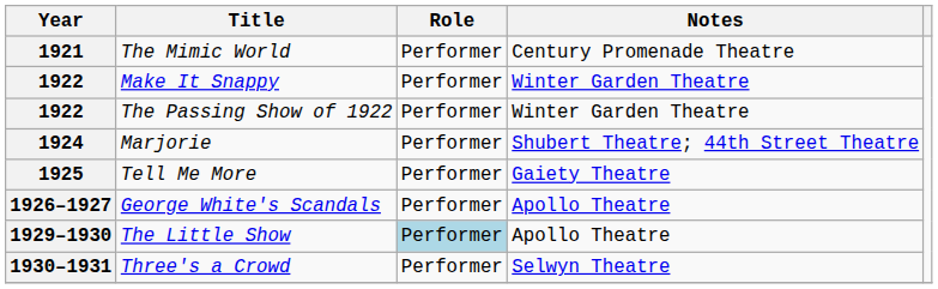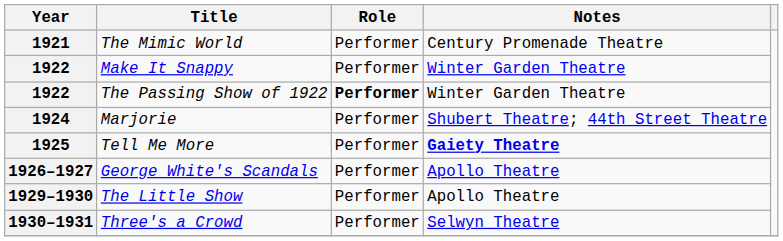 <table class="wikitable plainrowheaders sortable" style="margin-right: 0;">
 <tr>
 <th scope="col">Year</th>
 <th scope="col">Title</th>
 <th scope="col">Role</th>
 <th scope="col" class="unsortable">Notes</th>
 <th scope="col" class="unsortable"></th>
 </tr>
 <tr>
 <th scope="row">1921</th>
 <td><em>The Mimic World</em></td>
 <td>Performer</td>
 <td>Century Promenade Theatre</td>
 <td style="text-align:center;" rowspan="8"><br></td>
 </tr>
 <tr>
 <th scope="row">1922</th>
 <td><em><a href='#'>Make It Snappy</a></em></td>
 <td>Performer</td>
 <td><a href='#'>Winter Garden Theatre</a></td>
 </tr>
 <tr>
 <th scope="row">1922</th>
 <td data-sort-value="Passing"><em>The Passing Show of 1922</em></td>
-<td>Performer</td>
+<td><strong>Performer</strong></td>
 <td>Winter Garden Theatre</td>
 </tr>
 <tr>
 <th scope="row">1924</th>
 <td><em>Marjorie</em></td>
 <td>Performer</td>
 <td><a href='#'>Shubert Theatre</a>; <a href='#'>44th Street Theatre</a></td>
 </tr>
 <tr>
 <th scope="row">1925</th>
 <td><em>Tell Me More</em></td>
 <td>Performer</td>
-<td><a href='#'>Gaiety Theatre</a></td>
+<td><strong><a href='#'>Gaiety Theatre</a></strong></td>
 </tr>
 <tr>
 <th scope="row">1926–1927</th>
 <td><em><a href='#'>George White's Scandals</a></em></td>
 <td>Performer</td>
 <td><a href='#'>Apollo Theatre</a></td>
 </tr>
 <tr>
 <th scope="row">1929–1930</th>
 <td data-sort-value="Little"><em><a href='#'>The Little Show</a></em></td>
-<td style="background: lightblue;">Performer</td>
+<td>Performer</td>
 <td>Apollo Theatre</td>
 </tr>
 <tr>
 <th scope="row">1930–1931</th>
 <td><em><a href='#'>Three's a Crowd</a></em></td>
 <td>Performer</td>
 <td><a href='#'>Selwyn Theatre</a></td>
 </tr>
 <tr>
 </tr>
 </table>
